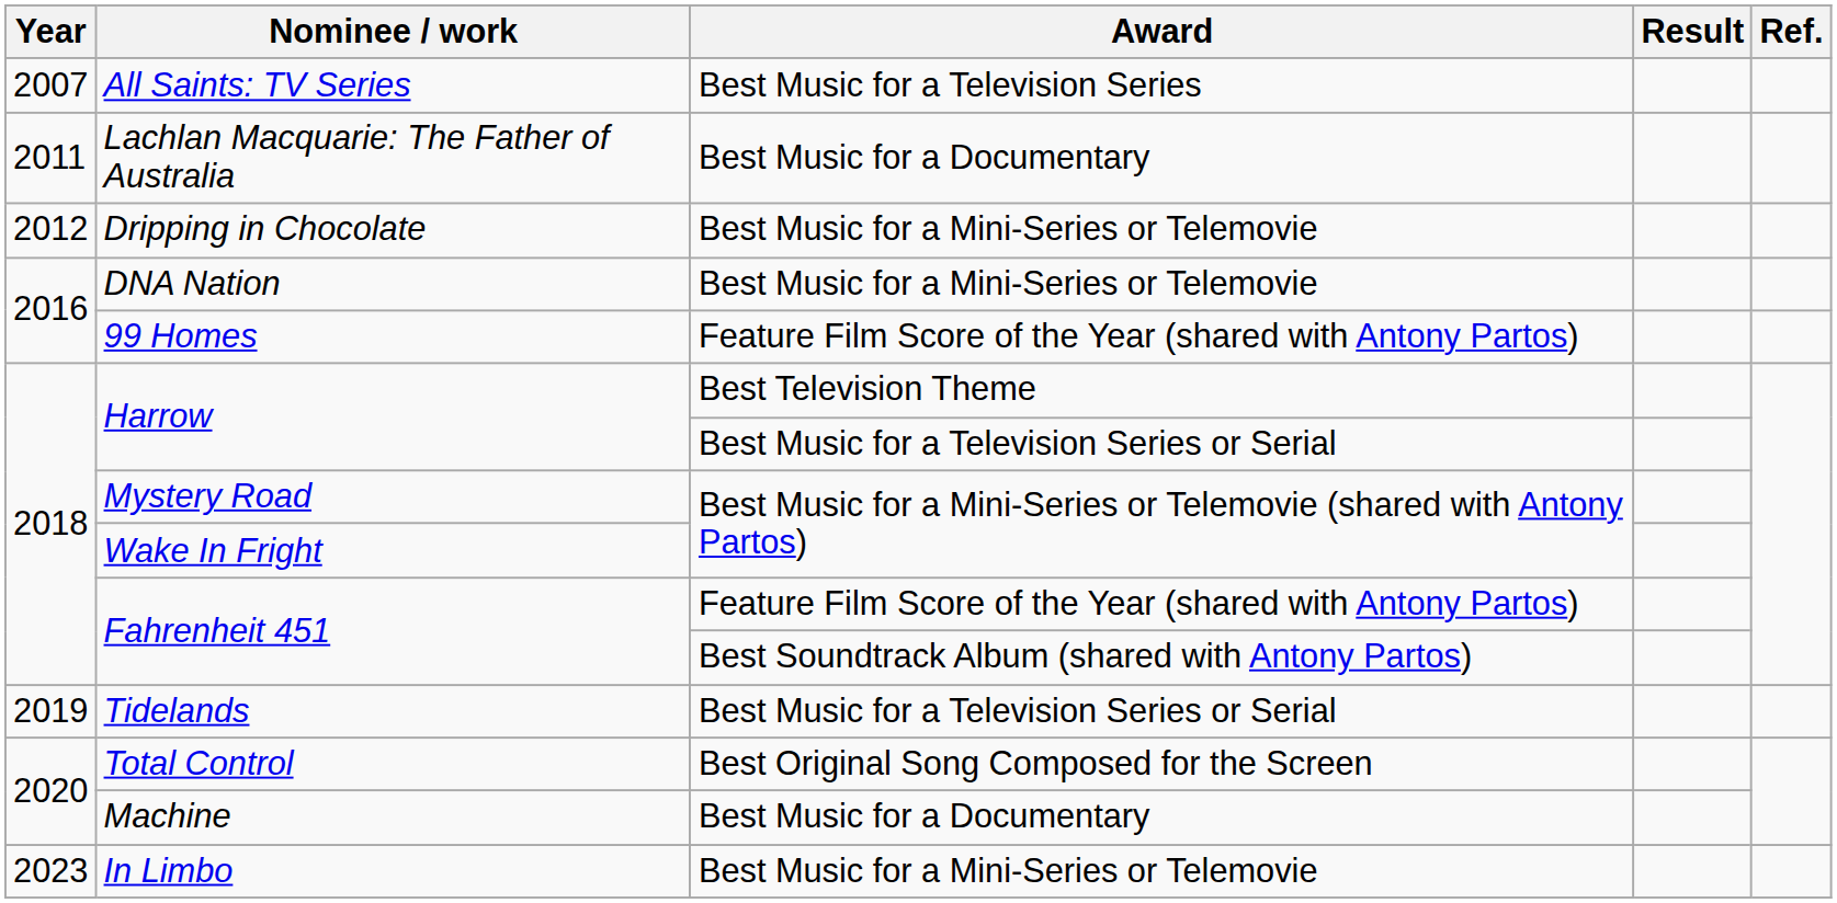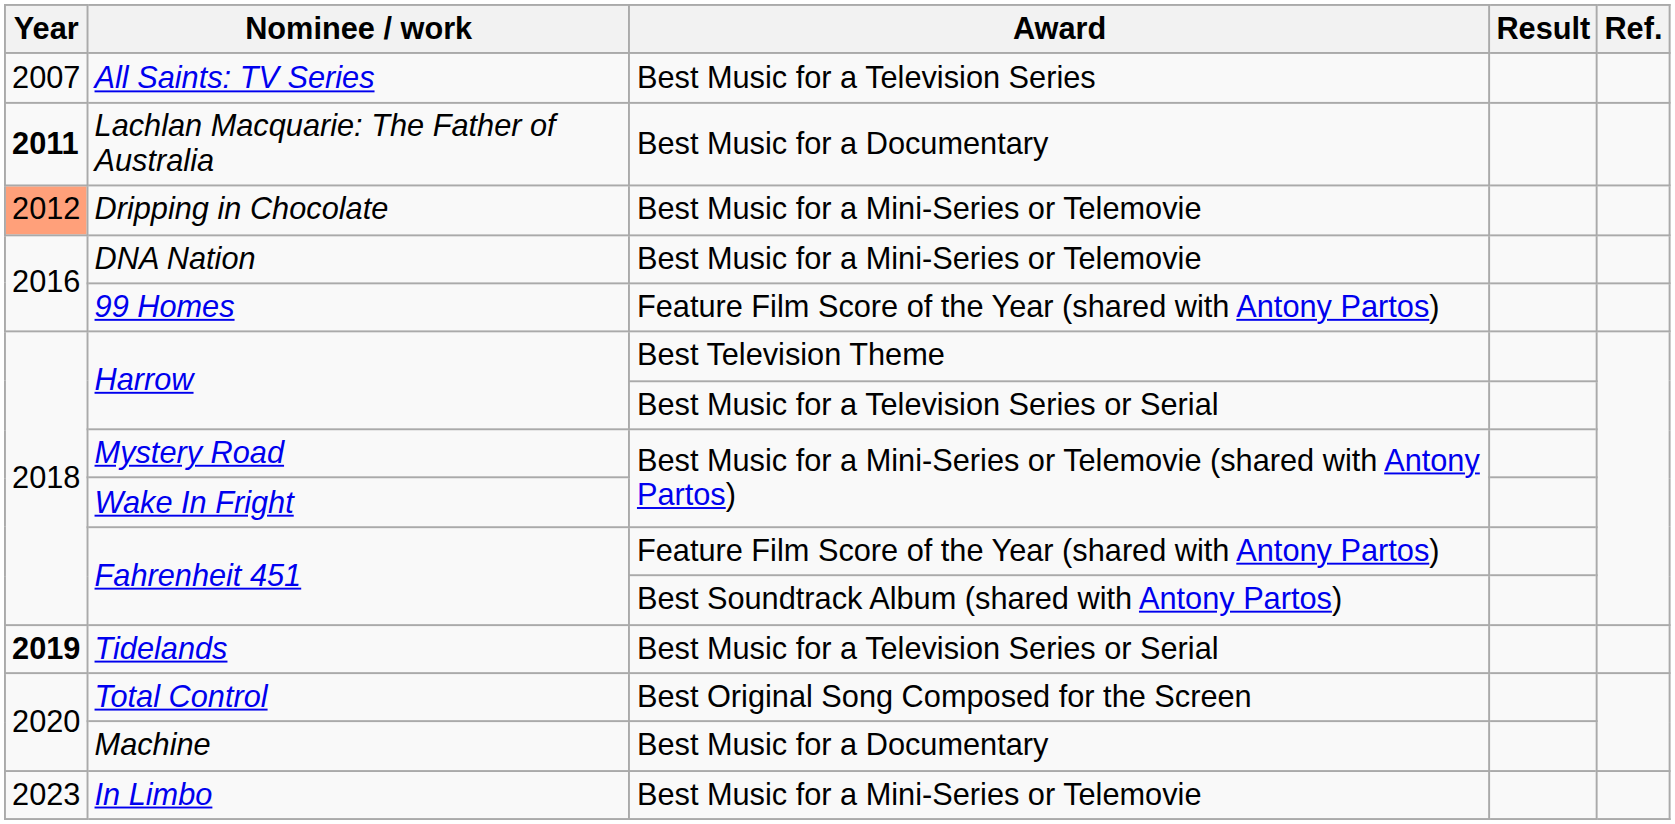 <table class="wikitable">
 <tr>
 <th>Year</th>
 <th>Nominee / work</th>
 <th>Award</th>
 <th>Result</th>
 <th>Ref.</th>
 </tr>
 <tr>
 <td>2007</td>
 <td><em><a href='#'>All Saints: TV Series</a></em></td>
 <td>Best Music for a Television Series</td>
 <td></td>
 <td></td>
 </tr>
 <tr>
-<td>2011</td>
+<td><strong>2011</strong></td>
 <td><em>Lachlan Macquarie: The Father of Australia</em></td>
 <td>Best Music for a Documentary</td>
 <td></td>
 <td></td>
 </tr>
 <tr>
-<td>2012</td>
+<td style="background: lightsalmon;">2012</td>
 <td><em>Dripping in Chocolate</em></td>
 <td>Best Music for a Mini-Series or Telemovie</td>
 <td></td>
 <td></td>
 </tr>
 <tr>
 <td rowspan="2">2016</td>
 <td><em>DNA Nation</em></td>
 <td>Best Music for a Mini-Series or Telemovie</td>
 <td></td>
 <td></td>
 </tr>
 <tr>
 <td><em><a href='#'>99 Homes</a></em></td>
 <td>Feature Film Score of the Year (shared with <a href='#'>Antony Partos</a>)</td>
 <td></td>
 <td></td>
 </tr>
 <tr>
 <td rowspan="6">2018</td>
 <td rowspan="2"><a href='#'><em>Harrow</em></a></td>
 <td>Best Television Theme</td>
 <td></td>
 <td rowspan="6"></td>
 </tr>
 <tr>
 <td>Best Music for a Television Series or Serial</td>
 <td></td>
 </tr>
 <tr>
 <td><em><a href='#'>Mystery Road</a></em></td>
 <td rowspan="2">Best Music for a Mini-Series or Telemovie (shared with <a href='#'>Antony Partos</a>)</td>
 <td></td>
 </tr>
 <tr>
 <td><em><a href='#'>Wake In Fright</a></em></td>
 <td></td>
 </tr>
 <tr>
 <td rowspan="2"><em><a href='#'>Fahrenheit 451</a></em></td>
 <td>Feature Film Score of the Year (shared with <a href='#'>Antony Partos</a>)</td>
 <td></td>
 </tr>
 <tr>
 <td>Best Soundtrack Album (shared with <a href='#'>Antony Partos</a>)</td>
 <td></td>
 </tr>
 <tr>
-<td>2019</td>
+<td><strong>2019</strong></td>
 <td><a href='#'><em>Tidelands</em></a></td>
 <td>Best Music for a Television Series or Serial</td>
 <td></td>
 <td></td>
 </tr>
 <tr>
 <td rowspan="2">2020</td>
 <td><a href='#'><em>Total Control</em></a></td>
 <td>Best Original Song Composed for the Screen</td>
 <td></td>
 <td rowspan="2"></td>
 </tr>
 <tr>
 <td><em>Machine</em></td>
 <td>Best Music for a Documentary</td>
 <td></td>
 </tr>
 <tr>
 <td>2023</td>
 <td><a href='#'><em>In Limbo</em></a></td>
 <td>Best Music for a Mini-Series or Telemovie</td>
 <td></td>
 <td></td>
 </tr>
 </table>
